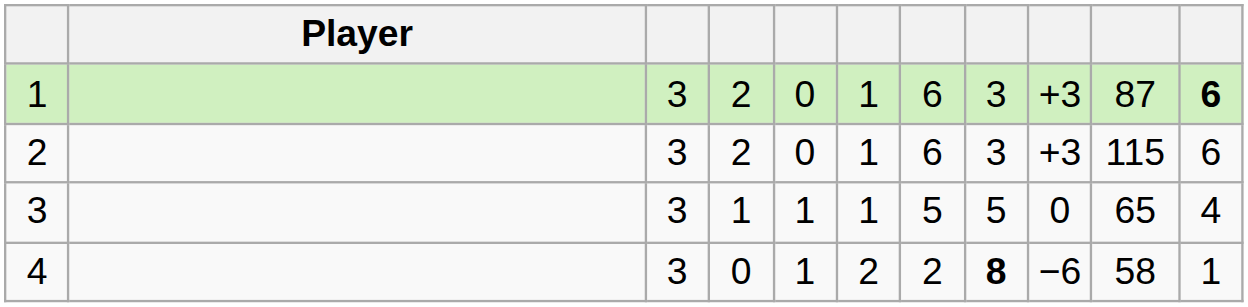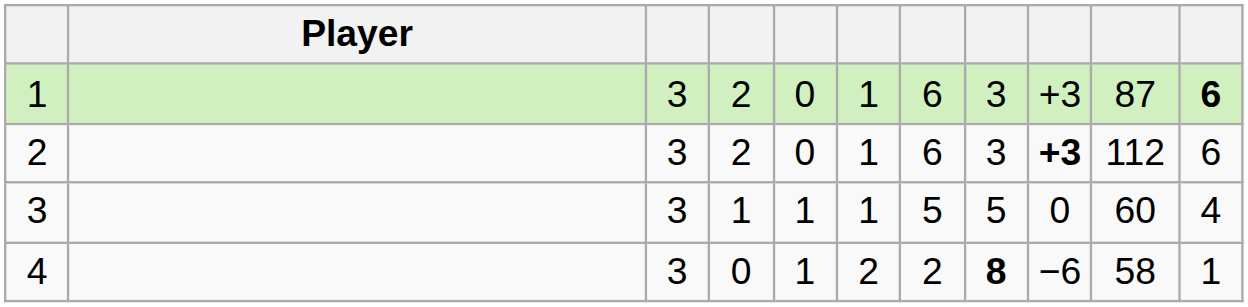 <table class="wikitable" style="text-align:center; margin: 1em auto 1em auto, align:left">
 <tr>
 <th width=20></th>
 <th width=240>Player</th>
 <th width=20></th>
 <th width=20></th>
 <th width=20></th>
 <th width=20></th>
 <th width=20></th>
 <th width=20></th>
 <th width=20></th>
 <th width=30></th>
 <th width=20></th>
 </tr>
 <tr style="background:#D0F0C0;">
 <td>1</td>
 <td align=left></td>
 <td>3</td>
 <td>2</td>
 <td>0</td>
 <td>1</td>
 <td>6</td>
 <td>3</td>
 <td>+3</td>
 <td>87</td>
 <td><strong>6</strong></td>
 </tr>
 <tr style=>
 <td>2</td>
 <td align=left></td>
 <td>3</td>
 <td>2</td>
 <td>0</td>
 <td>1</td>
 <td>6</td>
 <td>3</td>
-<td>+3</td>
-<td>115</td>
+<td><strong>+3</strong></td>
+<td>112</td>
 <td>6</td>
 </tr>
 <tr style=>
 <td>3</td>
 <td align=left></td>
 <td>3</td>
 <td>1</td>
 <td>1</td>
 <td>1</td>
 <td>5</td>
 <td>5</td>
 <td>0</td>
-<td>65</td>
+<td>60</td>
 <td>4</td>
 </tr>
 <tr style=>
 <td>4</td>
 <td align=left></td>
 <td>3</td>
 <td>0</td>
 <td>1</td>
 <td>2</td>
 <td>2</td>
 <td><strong>8</strong></td>
 <td>−6</td>
 <td>58</td>
 <td>1</td>
 </tr>
 </table>
